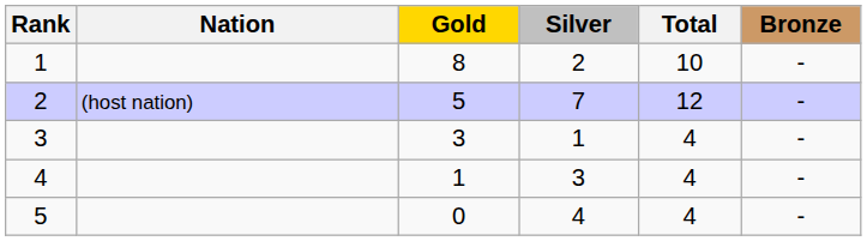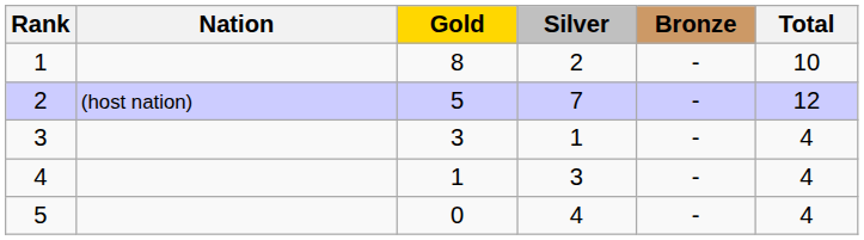 <table class="wikitable sortable plainrowheaders" style="text-align:center;max-width: 15cm; width: 100%">
 <tr>
 <th scope="col" style="width:4%">Rank</th>
 <th scope="col">Nation</th>
 <th scope="col" style="background-color:gold; width:14%;">Gold</th>
 <th scope="col" style="background-color:silver; width:14%;">Silver</th>
+<th scope="col" style="background-color:#cc9966; width:14%;">Bronze</th>
 <th scope="col" style="width:12%;">Total</th>
-<th scope="col" style="background-color:#cc9966; width:14%;">Bronze</th>
 </tr>
 <tr>
 <td>1</td>
 <td align=left></td>
 <td>8</td>
 <td>2</td>
+<td>-</td>
 <td>10</td>
-<td>-</td>
 </tr>
 <tr style="background:#ccccff">
 <td>2</td>
 <td align=left> <small>(host nation)</small></td>
 <td>5</td>
 <td>7</td>
+<td>-</td>
 <td>12</td>
-<td>-</td>
 </tr>
 <tr>
 <td>3</td>
 <td align=left></td>
 <td>3</td>
 <td>1</td>
+<td>-</td>
 <td>4</td>
-<td>-</td>
 </tr>
 <tr>
 <td>4</td>
 <td align=left></td>
 <td>1</td>
 <td>3</td>
+<td>-</td>
 <td>4</td>
-<td>-</td>
 </tr>
 <tr>
 <td>5</td>
 <td align=left></td>
 <td>0</td>
 <td>4</td>
+<td>-</td>
 <td>4</td>
-<td>-</td>
 </tr>
 </table>
